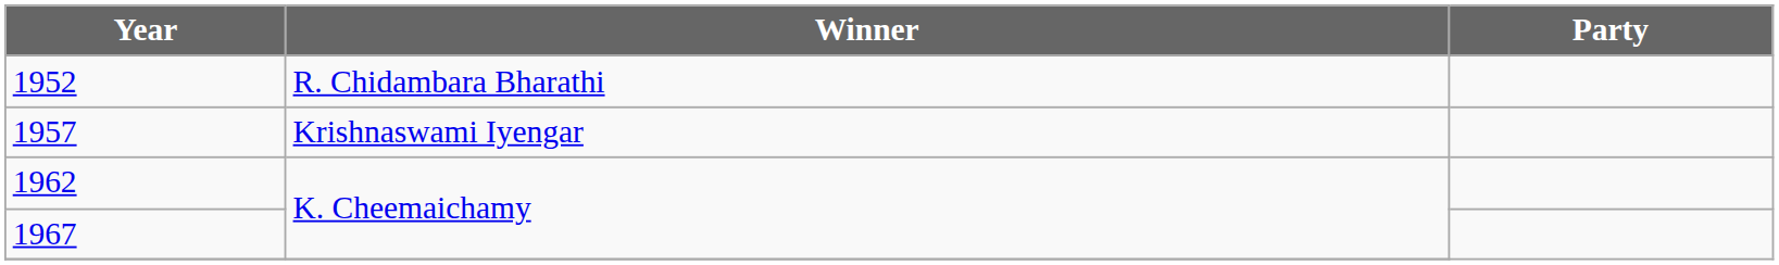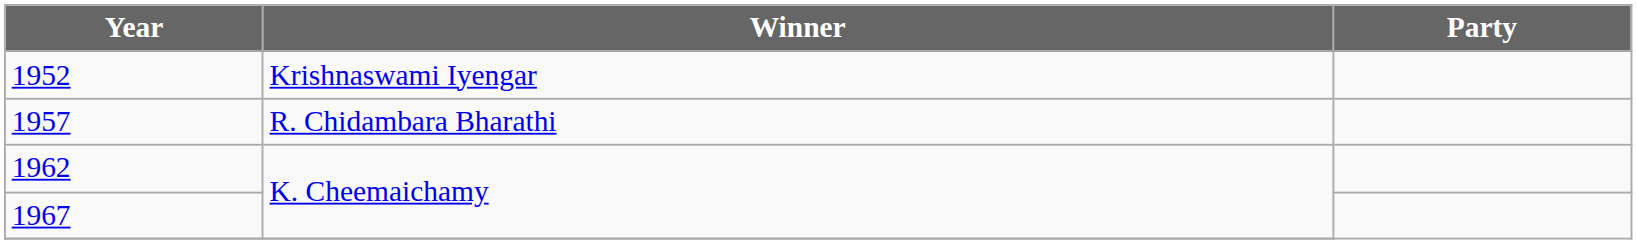 <table class="wikitable" width="70%">
 <tr>
 <th style="background-color:#666666; color:white">Year</th>
 <th style="background-color:#666666; color:white">Winner</th>
 <th style="background-color:#666666; color:white" colspan="2">Party</th>
 </tr>
 <tr>
 <td><a href='#'>1952</a></td>
-<td><a href='#'>R. Chidambara Bharathi</a></td>
+<td><a href='#'>Krishnaswami Iyengar</a></td>
 <td></td>
 </tr>
 <tr>
 <td><a href='#'>1957</a></td>
-<td><a href='#'>Krishnaswami Iyengar</a></td>
+<td><a href='#'>R. Chidambara Bharathi</a></td>
 </tr>
 <tr>
 <td><a href='#'>1962</a></td>
 <td rowspan=2><a href='#'>K. Cheemaichamy</a></td>
 <td></td>
 </tr>
 <tr>
 <td><a href='#'>1967</a></td>
 </tr>
 <tr>
 </tr>
 </table>
